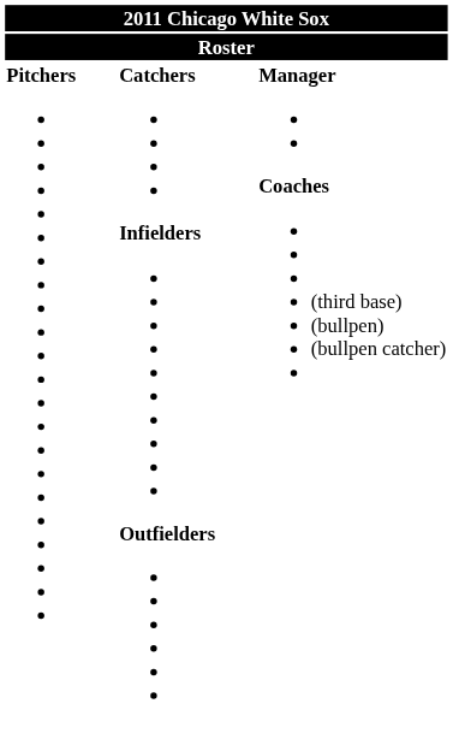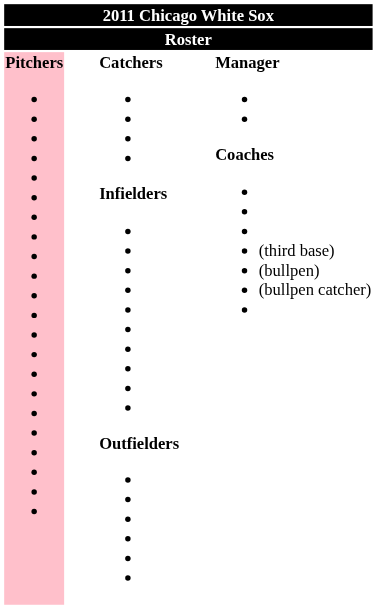 <table class="toccolours" style="font-size: 95%;">
 <tr>
 <th colspan="10" style="background:black; color:#fff; text-align:center;">2011 Chicago White Sox</th>
 </tr>
 <tr>
 <td colspan="10" style="background:black; color:white; text-align:center;"><strong>Roster</strong></td>
 </tr>
 <tr>
-<td valign="top"><strong>Pitchers</strong><br><ul><li></li><li></li><li></li><li></li><li></li><li></li><li></li><li></li><li></li><li></li><li></li><li></li><li></li><li></li><li></li><li></li><li></li><li></li><li></li><li></li><li></li><li></li></ul></td>
+<td valign="top" style="background: pink;"><strong>Pitchers</strong><br><ul><li></li><li></li><li></li><li></li><li></li><li></li><li></li><li></li><li></li><li></li><li></li><li></li><li></li><li></li><li></li><li></li><li></li><li></li><li></li><li></li><li></li><li></li></ul></td>
 <td style="width:25px;"></td>
 <td valign="top"><strong>Catchers</strong><br><ul><li></li><li></li><li></li><li></li></ul><strong>Infielders</strong><ul><li></li><li></li><li></li><li></li><li></li><li></li><li></li><li></li><li></li><li></li></ul><strong>Outfielders</strong><ul><li></li><li></li><li></li><li></li><li></li><li></li></ul></td>
 <td style="width:25px;"></td>
 <td valign="top"><strong>Manager</strong><br><ul><li></li><li></li></ul><strong>Coaches</strong><ul><li></li><li></li><li></li><li> (third base)</li><li> (bullpen)</li><li> (bullpen catcher)</li><li></li></ul></td>
 </tr>
 </table>
